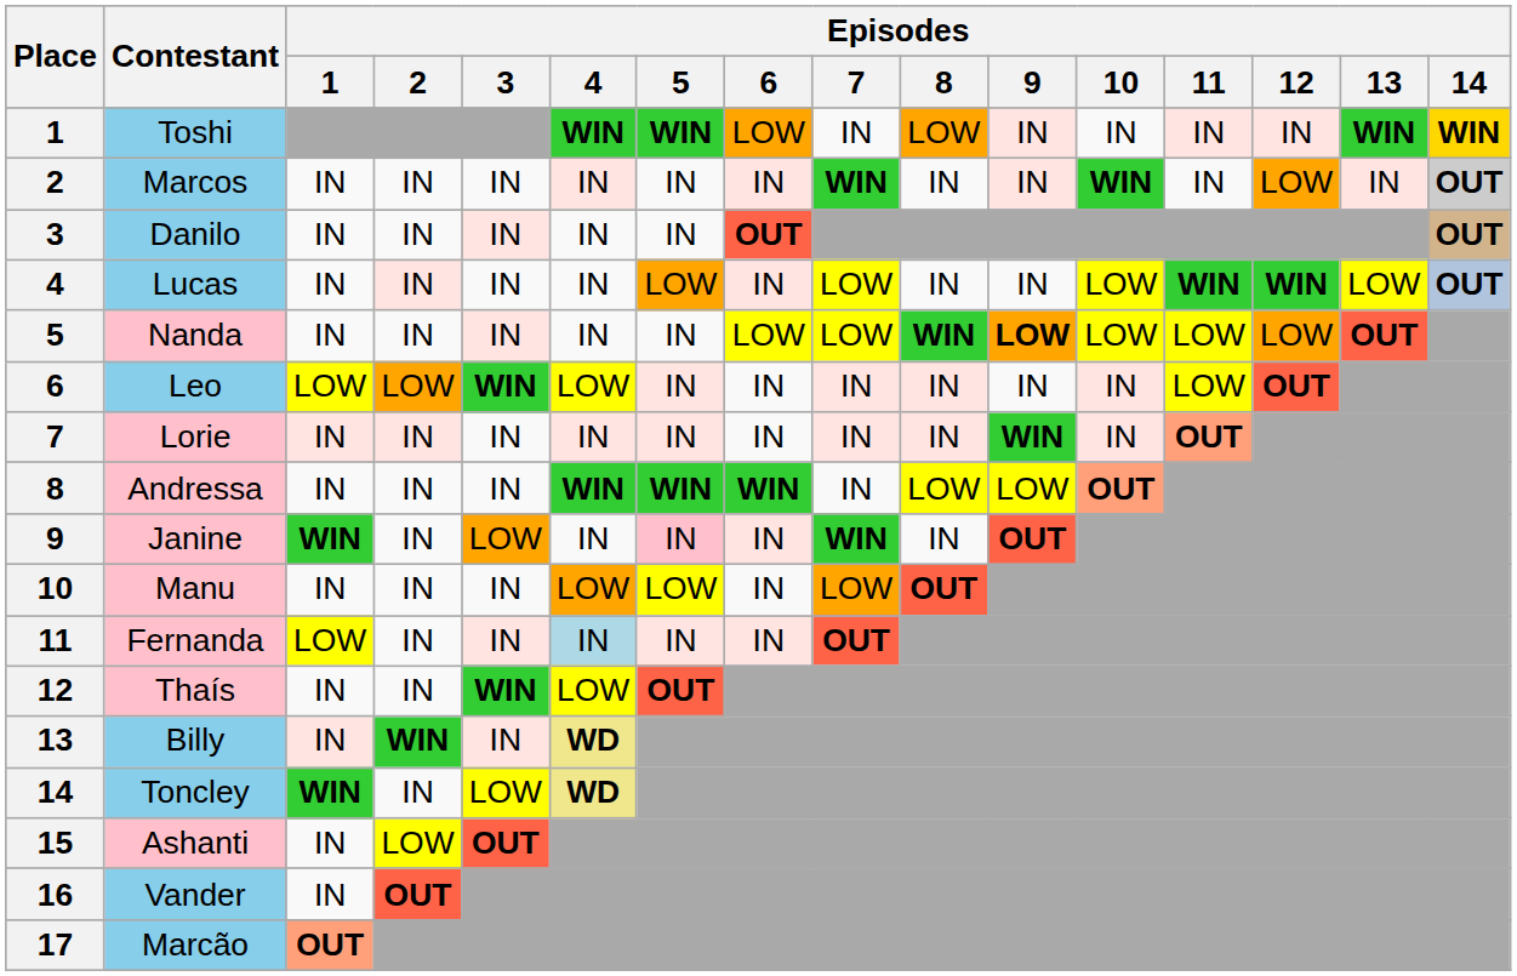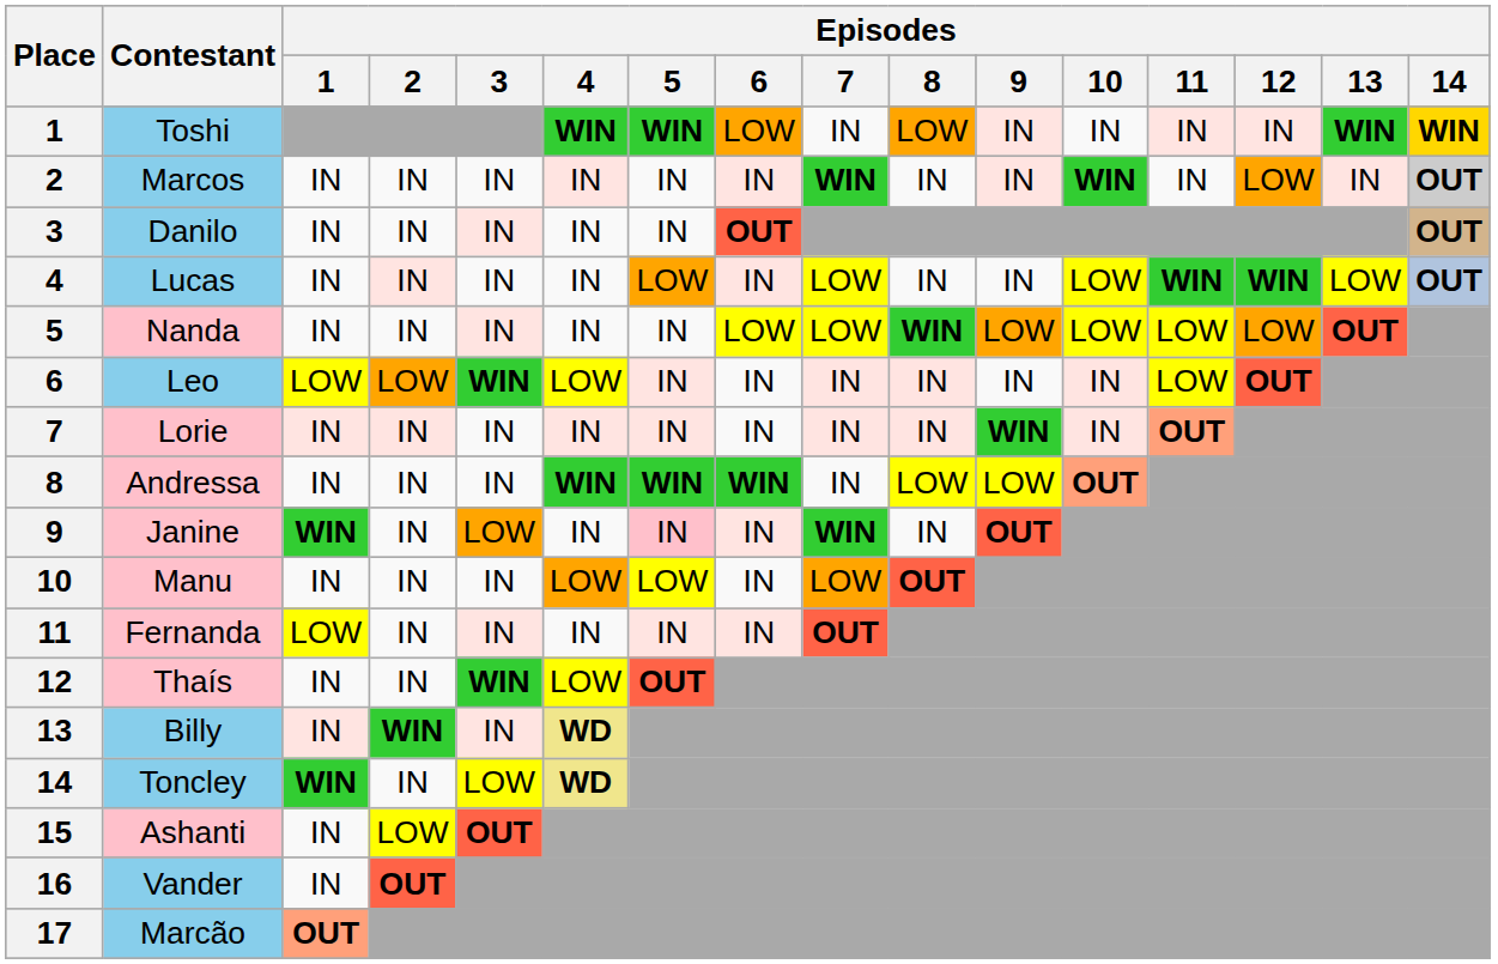 <table class="wikitable" style="text-align:center;">
 <tr>
 <th rowspan=2>Place</th>
 <th rowspan=2>Contestant</th>
 <th colspan=14>Episodes</th>
 </tr>
 <tr>
 <th>1</th>
 <th>2</th>
 <th>3</th>
 <th>4</th>
 <th>5</th>
 <th>6</th>
 <th>7</th>
 <th>8</th>
 <th>9</th>
 <th>10</th>
 <th>11</th>
 <th>12</th>
 <th>13</th>
 <th width=30>14</th>
 </tr>
 <tr>
 <th>1</th>
 <td bgcolor="87CEEB">Toshi</td>
 <td bgcolor="A9A9A9" colspan=3></td>
 <td bgcolor="32CD32"><strong>WIN</strong></td>
 <td bgcolor="32CD32"><strong>WIN</strong></td>
 <td bgcolor="FFA500">LOW</td>
 <td>IN</td>
 <td bgcolor="FFA500">LOW</td>
 <td bgcolor="FFE4E1">IN</td>
 <td>IN</td>
 <td bgcolor="FFE4E1">IN</td>
 <td bgcolor="FFE4E1">IN</td>
 <td bgcolor="32CD32"><strong>WIN</strong></td>
 <td bgcolor="FFD700"><strong>WIN</strong></td>
 </tr>
 <tr>
 <th>2</th>
 <td bgcolor="87CEEB">Marcos</td>
 <td>IN</td>
 <td>IN</td>
 <td>IN</td>
 <td bgcolor="FFE4E1">IN</td>
 <td>IN</td>
 <td bgcolor="FFE4E1">IN</td>
 <td bgcolor="32CD32"><strong>WIN</strong></td>
 <td>IN</td>
 <td bgcolor="FFE4E1">IN</td>
 <td bgcolor="32CD32"><strong>WIN</strong></td>
 <td>IN</td>
 <td bgcolor="FFA500">LOW</td>
 <td bgcolor="FFE4E1">IN</td>
 <td bgcolor="CCCCCC"><strong>OUT</strong></td>
 </tr>
 <tr>
 <th>3</th>
 <td bgcolor="87CEEB">Danilo</td>
 <td>IN</td>
 <td>IN</td>
 <td bgcolor="FFE4E1">IN</td>
 <td>IN</td>
 <td>IN</td>
 <td bgcolor="FF6347"><strong>OUT</strong></td>
 <td bgcolor="A9A9A9" colspan=7></td>
 <td bgcolor="D2B48C"><strong>OUT</strong></td>
 </tr>
 <tr>
 <th>4</th>
 <td bgcolor="87CEEB">Lucas</td>
 <td>IN</td>
 <td bgcolor="FFE4E1">IN</td>
 <td>IN</td>
 <td>IN</td>
 <td bgcolor="FFA500">LOW</td>
 <td bgcolor="FFE4E1">IN</td>
 <td bgcolor="FFFF00">LOW</td>
 <td>IN</td>
 <td>IN</td>
 <td bgcolor="FFFF00">LOW</td>
 <td bgcolor="32CD32"><strong>WIN</strong></td>
 <td bgcolor="32CD32"><strong>WIN</strong></td>
 <td bgcolor="FFFF00">LOW</td>
 <td bgcolor="B0C4DE"><strong>OUT</strong></td>
 </tr>
 <tr>
 <th>5</th>
 <td bgcolor="FFC0CB">Nanda</td>
 <td>IN</td>
 <td>IN</td>
 <td bgcolor="FFE4E1">IN</td>
 <td>IN</td>
 <td>IN</td>
 <td bgcolor="FFFF00">LOW</td>
 <td bgcolor="FFFF00">LOW</td>
 <td bgcolor="32CD32"><strong>WIN</strong></td>
-<td bgcolor="FFA500"><strong>LOW</strong></td>
+<td bgcolor="FFA500">LOW</td>
 <td bgcolor="FFFF00">LOW</td>
 <td bgcolor="FFFF00">LOW</td>
 <td bgcolor="FFA500">LOW</td>
 <td bgcolor="FF6347"><strong>OUT</strong></td>
 <td bgcolor="A9A9A9" colspan=1></td>
 </tr>
 <tr>
 <th>6</th>
 <td bgcolor="87CEEB">Leo</td>
 <td bgcolor="FFFF00">LOW</td>
 <td bgcolor="FFA500">LOW</td>
 <td bgcolor="32CD32"><strong>WIN</strong></td>
 <td bgcolor="FFFF00">LOW</td>
 <td bgcolor="FFE4E1">IN</td>
 <td>IN</td>
 <td bgcolor="FFE4E1">IN</td>
 <td bgcolor="FFE4E1">IN</td>
 <td>IN</td>
 <td bgcolor="FFE4E1">IN</td>
 <td bgcolor="FFFF00">LOW</td>
 <td bgcolor="FF6347"><strong>OUT</strong></td>
 <td bgcolor="A9A9A9" colspan=2></td>
 </tr>
 <tr>
 <th>7</th>
 <td bgcolor="FFC0CB">Lorie</td>
 <td bgcolor="FFE4E1">IN</td>
 <td bgcolor="FFE4E1">IN</td>
 <td>IN</td>
 <td bgcolor="FFE4E1">IN</td>
 <td bgcolor="FFE4E1">IN</td>
 <td>IN</td>
 <td bgcolor="FFE4E1">IN</td>
 <td bgcolor="FFE4E1">IN</td>
 <td bgcolor="32CD32"><strong>WIN</strong></td>
 <td bgcolor="FFE4E1">IN</td>
 <td bgcolor="FFA07A"><strong>OUT</strong></td>
 <td bgcolor="A9A9A9" colspan=3></td>
 </tr>
 <tr>
 <th>8</th>
 <td bgcolor="FFC0CB">Andressa</td>
 <td>IN</td>
 <td>IN</td>
 <td>IN</td>
 <td bgcolor="32CD32"><strong>WIN</strong></td>
 <td bgcolor="32CD32"><strong>WIN</strong></td>
 <td bgcolor="32CD32"><strong>WIN</strong></td>
 <td>IN</td>
 <td bgcolor="FFFF00">LOW</td>
 <td bgcolor="FFFF00">LOW</td>
 <td bgcolor="FFA07A"><strong>OUT</strong></td>
 <td bgcolor="A9A9A9" colspan=4></td>
 </tr>
 <tr>
 <th>9</th>
 <td bgcolor="FFC0CB">Janine</td>
 <td bgcolor="32CD32"><strong>WIN</strong></td>
 <td>IN</td>
 <td bgcolor="FFA500">LOW</td>
 <td>IN</td>
 <td style="background: pink;">IN</td>
 <td bgcolor="FFE4E1">IN</td>
 <td bgcolor="32CD32"><strong>WIN</strong></td>
 <td>IN</td>
 <td bgcolor="FF6347"><strong>OUT</strong></td>
 <td bgcolor="A9A9A9" colspan=5></td>
 </tr>
 <tr>
 <th>10</th>
 <td bgcolor="FFC0CB">Manu</td>
 <td>IN</td>
 <td>IN</td>
 <td>IN</td>
 <td bgcolor="FFA500">LOW</td>
 <td bgcolor="FFFF00">LOW</td>
 <td>IN</td>
 <td bgcolor="FFA500">LOW</td>
 <td bgcolor="FF6347"><strong>OUT</strong></td>
 <td bgcolor="A9A9A9" colspan=6></td>
 </tr>
 <tr>
 <th>11</th>
 <td bgcolor="FFC0CB">Fernanda</td>
 <td bgcolor="FFFF00">LOW</td>
 <td>IN</td>
 <td bgcolor="FFE4E1">IN</td>
-<td style="background: lightblue;">IN</td>
+<td>IN</td>
 <td bgcolor="FFE4E1">IN</td>
 <td bgcolor="FFE4E1">IN</td>
 <td bgcolor="FF6347"><strong>OUT</strong></td>
 <td bgcolor="A9A9A9" colspan=7></td>
 </tr>
 <tr>
 <th>12</th>
 <td bgcolor="FFC0CB">Thaís</td>
 <td>IN</td>
 <td>IN</td>
 <td bgcolor="32CD32"><strong>WIN</strong></td>
 <td bgcolor="FFFF00">LOW</td>
 <td bgcolor="FF6347"><strong>OUT</strong></td>
 <td bgcolor="A9A9A9" colspan=9></td>
 </tr>
 <tr>
 <th>13</th>
 <td bgcolor="87CEEB">Billy</td>
 <td bgcolor="FFE4E1">IN</td>
 <td bgcolor="32CD32"><strong>WIN</strong></td>
 <td bgcolor="FFE4E1">IN</td>
 <td bgcolor="F0E68C"><strong>WD</strong></td>
 <td bgcolor="A9A9A9" colspan=10></td>
 </tr>
 <tr>
 <th>14</th>
 <td bgcolor="87CEEB">Toncley</td>
 <td bgcolor="32CD32"><strong>WIN</strong></td>
 <td>IN</td>
 <td bgcolor="FFFF00">LOW</td>
 <td bgcolor="F0E68C"><strong>WD</strong></td>
 <td bgcolor="A9A9A9" colspan=10></td>
 </tr>
 <tr>
 <th>15</th>
 <td bgcolor="FFC0CB">Ashanti</td>
 <td>IN</td>
 <td bgcolor="FFFF00">LOW</td>
 <td bgcolor="FF6347"><strong>OUT</strong></td>
 <td bgcolor="A9A9A9" colspan=11></td>
 </tr>
 <tr>
 <th>16</th>
 <td bgcolor="87CEEB">Vander</td>
 <td>IN</td>
 <td bgcolor="FF6347"><strong>OUT</strong></td>
 <td bgcolor="A9A9A9" colspan=12></td>
 </tr>
 <tr>
 <th>17</th>
 <td bgcolor="87CEEB">Marcão</td>
 <td bgcolor="FFA07A"><strong>OUT</strong></td>
 <td bgcolor="A9A9A9" colspan=13></td>
 </tr>
 </table>
